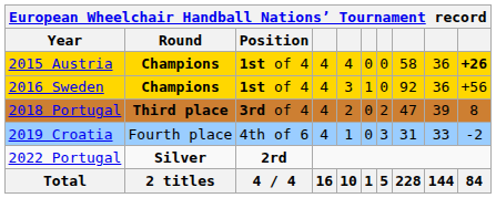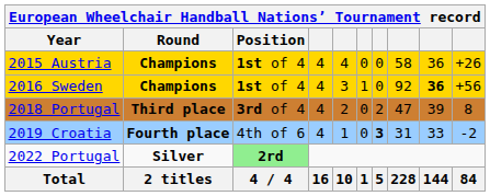 <table class="wikitable" style="text-align: center;">
 <tr>
 <th colspan=10><a href='#'>European Wheelchair Handball Nations’ Tournament</a> record</th>
 </tr>
 <tr>
 <th>Year</th>
 <th>Round</th>
 <th>Position</th>
 <th></th>
 <th></th>
 <th></th>
 <th></th>
 <th></th>
 <th></th>
 <th></th>
 </tr>
 <tr style="background:gold;">
 <td align=left> <a href='#'>2015 Austria</a></td>
 <td><strong>Champions</strong></td>
 <td><strong>1st</strong> of 4</td>
 <td>4</td>
 <td>4</td>
 <td>0</td>
 <td>0</td>
 <td>58</td>
 <td>36</td>
-<td><strong>+26</strong></td>
+<td>+26</td>
 </tr>
 <tr style="background:gold;">
 <td align=left> <a href='#'>2016 Sweden</a></td>
 <td><strong>Champions</strong></td>
 <td><strong>1st</strong> of 4</td>
 <td>4</td>
 <td>3</td>
 <td>1</td>
 <td>0</td>
 <td>92</td>
-<td>36</td>
+<td><strong>36</strong></td>
 <td>+56</td>
 </tr>
 <tr bgcolor=CD7F32>
 <td align=left> <a href='#'>2018 Portugal</a></td>
 <td><strong>Third place</strong></td>
 <td><strong>3rd</strong> of 4</td>
 <td>4</td>
 <td>2</td>
 <td>0</td>
 <td>2</td>
 <td>47</td>
 <td>39</td>
 <td>8</td>
 </tr>
 <tr style="background:#9acdff;">
 <td align=left> <a href='#'>2019 Croatia</a></td>
-<td>Fourth place</td>
+<td><strong>Fourth place</strong></td>
 <td>4th of 6</td>
 <td>4</td>
 <td>1</td>
 <td>0</td>
-<td>3</td>
+<td><strong>3</strong></td>
 <td>31</td>
 <td>33</td>
 <td>-2</td>
 </tr>
 <tr>
 <td align=left> <a href='#'>2022 Portugal</a></td>
 <td><strong>Silver</strong></td>
-<td><strong>2rd</strong></td>
+<td style="background: lightgreen;"><strong>2rd</strong></td>
 </tr>
 <tr>
 <th>Total</th>
 <th>2 titles</th>
 <th>4 / 4</th>
 <th>16</th>
 <th>10</th>
 <th>1</th>
 <th>5</th>
 <th>228</th>
 <th>144</th>
 <th>84</th>
 </tr>
 </table>
